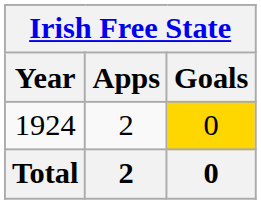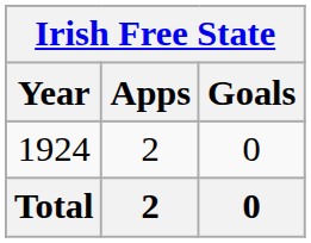 <table class="wikitable" style="text-align:center">
 <tr>
 <th colspan=3><a href='#'>Irish Free State</a></th>
 </tr>
 <tr>
 <th>Year</th>
 <th>Apps</th>
 <th>Goals</th>
 </tr>
 <tr>
 <td>1924</td>
 <td>2</td>
-<td style="background: gold;">0</td>
+<td>0</td>
 </tr>
 <tr>
 <th>Total</th>
 <th>2</th>
 <th>0</th>
 </tr>
 </table>
